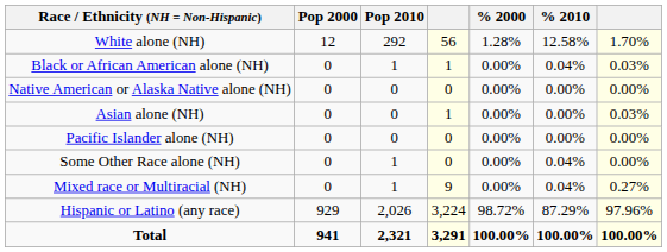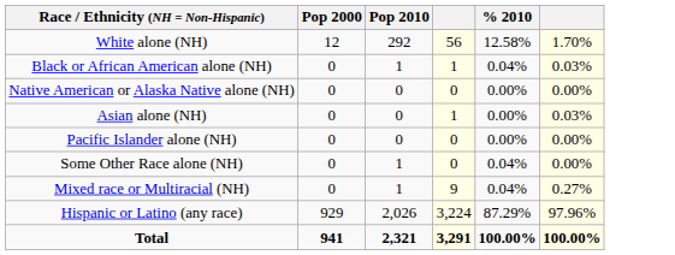 <table class="wikitable" style="text-align:center;">
 <tr>
 <th>Race / Ethnicity <small>(<em>NH = Non-Hispanic</em>)</small></th>
 <th>Pop 2000</th>
 <th>Pop 2010</th>
 <th></th>
-<th>% 2000</th>
 <th>% 2010</th>
 <th></th>
 </tr>
 <tr>
 <td><a href='#'>White</a> alone (NH)</td>
 <td>12</td>
 <td>292</td>
 <td style='background: #ffffe6;'>56</td>
-<td>1.28%</td>
 <td>12.58%</td>
 <td style='background: #ffffe6;'>1.70%</td>
 </tr>
 <tr>
 <td><a href='#'>Black or African American</a> alone (NH)</td>
 <td>0</td>
 <td>1</td>
 <td style='background: #ffffe6;'>1</td>
-<td>0.00%</td>
 <td>0.04%</td>
 <td style='background: #ffffe6;'>0.03%</td>
 </tr>
 <tr>
 <td><a href='#'>Native American</a> or <a href='#'>Alaska Native</a> alone (NH)</td>
 <td>0</td>
 <td>0</td>
 <td style='background: #ffffe6;'>0</td>
 <td>0.00%</td>
-<td>0.00%</td>
 <td style='background: #ffffe6;'>0.00%</td>
 </tr>
 <tr>
 <td><a href='#'>Asian</a> alone (NH)</td>
 <td>0</td>
 <td>0</td>
 <td style='background: #ffffe6;'>1</td>
-<td>0.00%</td>
 <td>0.00%</td>
 <td style='background: #ffffe6;'>0.03%</td>
 </tr>
 <tr>
 <td><a href='#'>Pacific Islander</a> alone (NH)</td>
 <td>0</td>
 <td>0</td>
 <td style='background: #ffffe6;'>0</td>
 <td>0.00%</td>
-<td>0.00%</td>
 <td style='background: #ffffe6;'>0.00%</td>
 </tr>
 <tr>
 <td>Some Other Race alone (NH)</td>
 <td>0</td>
 <td>1</td>
 <td style='background: #ffffe6;'>0</td>
-<td>0.00%</td>
 <td>0.04%</td>
 <td style='background: #ffffe6;'>0.00%</td>
 </tr>
 <tr>
 <td><a href='#'>Mixed race or Multiracial</a> (NH)</td>
 <td>0</td>
 <td>1</td>
 <td style='background: #ffffe6;'>9</td>
-<td>0.00%</td>
 <td>0.04%</td>
 <td style='background: #ffffe6;'>0.27%</td>
 </tr>
 <tr>
 <td><a href='#'>Hispanic or Latino</a> (any race)</td>
 <td>929</td>
 <td>2,026</td>
 <td style='background: #ffffe6;'>3,224</td>
-<td>98.72%</td>
 <td>87.29%</td>
 <td style='background: #ffffe6;'>97.96%</td>
 </tr>
 <tr>
 <td><strong>Total</strong></td>
 <td><strong>941</strong></td>
 <td><strong>2,321</strong></td>
 <td style='background: #ffffe6;'><strong>3,291</strong></td>
 <td><strong>100.00%</strong></td>
-<td><strong>100.00%</strong></td>
 <td style='background: #ffffe6;'><strong>100.00%</strong></td>
 </tr>
 </table>
